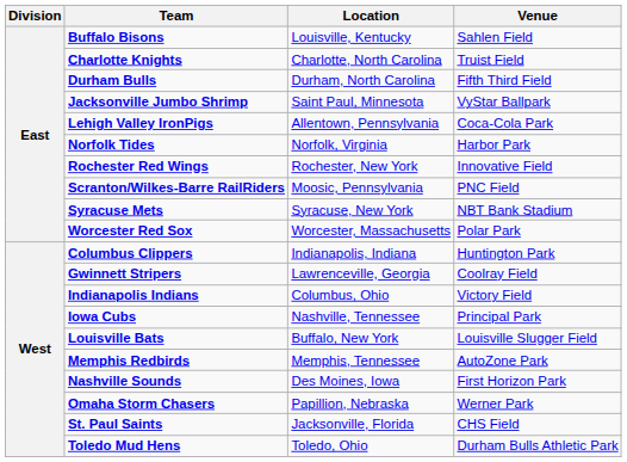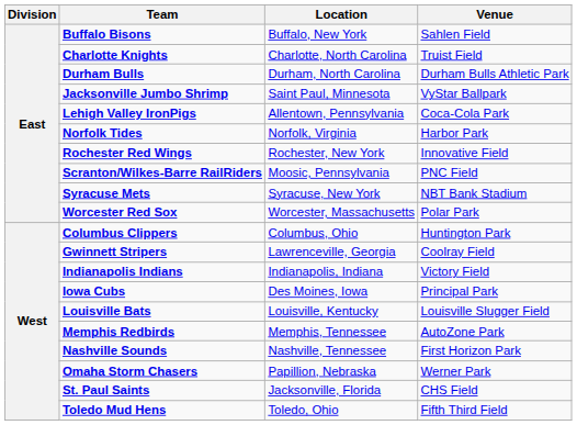 <table class="wikitable" style="font-size:85%">
 <tr>
 <th>Division</th>
 <th>Team</th>
 <th>Location</th>
 <th>Venue</th>
 </tr>
 <tr>
 <th rowspan="10">East</th>
 <td><strong><a href='#'>Buffalo Bisons</a></strong></td>
-<td><a href='#'>Louisville, Kentucky</a></td>
+<td><a href='#'>Buffalo, New York</a></td>
 <td><a href='#'>Sahlen Field</a></td>
 </tr>
 <tr>
 <td><strong><a href='#'>Charlotte Knights</a></strong></td>
 <td><a href='#'>Charlotte, North Carolina</a></td>
 <td><a href='#'>Truist Field</a></td>
 </tr>
 <tr>
 <td><strong><a href='#'>Durham Bulls</a></strong></td>
 <td><a href='#'>Durham, North Carolina</a></td>
-<td><a href='#'>Fifth Third Field</a></td>
+<td><a href='#'>Durham Bulls Athletic Park</a></td>
 </tr>
 <tr>
 <td><strong><a href='#'>Jacksonville Jumbo Shrimp</a></strong></td>
 <td><a href='#'>Saint Paul, Minnesota</a></td>
 <td><a href='#'>VyStar Ballpark</a></td>
 </tr>
 <tr>
 <td><strong><a href='#'>Lehigh Valley IronPigs</a></strong></td>
 <td><a href='#'>Allentown, Pennsylvania</a></td>
 <td><a href='#'>Coca-Cola Park</a></td>
 </tr>
 <tr>
 <td><strong><a href='#'>Norfolk Tides</a></strong></td>
 <td><a href='#'>Norfolk, Virginia</a></td>
 <td><a href='#'>Harbor Park</a></td>
 </tr>
 <tr>
 <td><strong><a href='#'>Rochester Red Wings</a></strong></td>
 <td><a href='#'>Rochester, New York</a></td>
 <td><a href='#'>Innovative Field</a></td>
 </tr>
 <tr>
 <td><strong><a href='#'>Scranton/Wilkes-Barre RailRiders</a></strong></td>
 <td><a href='#'>Moosic, Pennsylvania</a></td>
 <td><a href='#'>PNC Field</a></td>
 </tr>
 <tr>
 <td><strong><a href='#'>Syracuse Mets</a></strong></td>
 <td><a href='#'>Syracuse, New York</a></td>
 <td><a href='#'>NBT Bank Stadium</a></td>
 </tr>
 <tr>
 <td><strong><a href='#'>Worcester Red Sox</a></strong></td>
 <td><a href='#'>Worcester, Massachusetts</a></td>
 <td><a href='#'>Polar Park</a></td>
 </tr>
 <tr>
 <th rowspan="10">West</th>
 <td><strong><a href='#'>Columbus Clippers</a></strong></td>
-<td><a href='#'>Indianapolis, Indiana</a></td>
+<td><a href='#'>Columbus, Ohio</a></td>
 <td><a href='#'>Huntington Park</a></td>
 </tr>
 <tr>
 <td><strong><a href='#'>Gwinnett Stripers</a></strong></td>
 <td><a href='#'>Lawrenceville, Georgia</a></td>
 <td><a href='#'>Coolray Field</a></td>
 </tr>
 <tr>
 <td><strong><a href='#'>Indianapolis Indians</a></strong></td>
-<td><a href='#'>Columbus, Ohio</a></td>
+<td><a href='#'>Indianapolis, Indiana</a></td>
 <td><a href='#'>Victory Field</a></td>
 </tr>
 <tr>
 <td><strong><a href='#'>Iowa Cubs</a></strong></td>
-<td><a href='#'>Nashville, Tennessee</a></td>
+<td><a href='#'>Des Moines, Iowa</a></td>
 <td><a href='#'>Principal Park</a></td>
 </tr>
 <tr>
 <td><strong><a href='#'>Louisville Bats</a></strong></td>
-<td><a href='#'>Buffalo, New York</a></td>
+<td><a href='#'>Louisville, Kentucky</a></td>
 <td><a href='#'>Louisville Slugger Field</a></td>
 </tr>
 <tr>
 <td><strong><a href='#'>Memphis Redbirds</a></strong></td>
 <td><a href='#'>Memphis, Tennessee</a></td>
 <td><a href='#'>AutoZone Park</a></td>
 </tr>
 <tr>
 <td><strong><a href='#'>Nashville Sounds</a></strong></td>
-<td><a href='#'>Des Moines, Iowa</a></td>
+<td><a href='#'>Nashville, Tennessee</a></td>
 <td><a href='#'>First Horizon Park</a></td>
 </tr>
 <tr>
 <td><strong><a href='#'>Omaha Storm Chasers</a></strong></td>
 <td><a href='#'>Papillion, Nebraska</a></td>
 <td><a href='#'>Werner Park</a></td>
 </tr>
 <tr>
 <td><strong><a href='#'>St. Paul Saints</a></strong></td>
 <td><a href='#'>Jacksonville, Florida</a></td>
 <td><a href='#'>CHS Field</a></td>
 </tr>
 <tr>
 <td><strong><a href='#'>Toledo Mud Hens</a></strong></td>
 <td><a href='#'>Toledo, Ohio</a></td>
-<td><a href='#'>Durham Bulls Athletic Park</a></td>
+<td><a href='#'>Fifth Third Field</a></td>
 </tr>
 </table>
